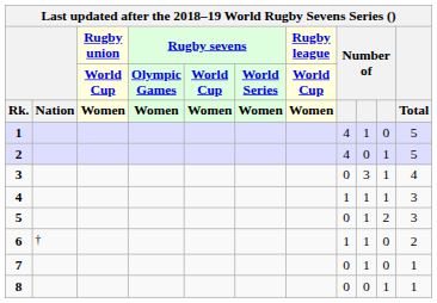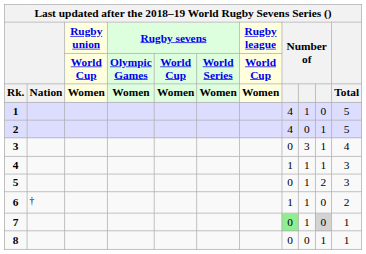 <table class="wikitable" style="margin-top: 0em; text-align: center; font-size: 100%;">
 <tr>
 <th colspan="11">Last updated after the 2018–19 World Rugby Sevens Series ()</th>
 </tr>
 <tr>
 <th rowspan="2" colspan="2"></th>
 <th style="background: #ffd;"><a href='#'>Rugby union</a></th>
 <th colspan="3" style="background: #dfd;"><a href='#'>Rugby sevens</a></th>
 <th style="background: #ffd;"><a href='#'>Rugby league</a></th>
 <th rowspan="2" colspan="3">Number of</th>
 <th rowspan="2"></th>
 </tr>
 <tr>
 <th style="background: #ffd;"><a href='#'>World Cup</a></th>
 <th style="background: #dfd;"><a href='#'>Olympic Games</a></th>
 <th style="background: #dfd;"><a href='#'>World Cup</a></th>
 <th style="background: #dfd;"><a href='#'>World Series</a></th>
 <th style="background: #ffd;"><a href='#'>World Cup</a></th>
 </tr>
 <tr>
 <th style="width: 1em;">Rk.</th>
 <th>Nation</th>
 <th style="background: #ffd; width: 1em;">Women</th>
 <th style="background: #dfd; width: 1em;">Women</th>
 <th style="background: #dfd; width: 1em;">Women</th>
 <th style="background: #dfd; width: 1em;">Women</th>
 <th style="background: #ffd; width: 1em;">Women</th>
 <th style="width: 1em;"></th>
 <th style="width: 1em;"></th>
 <th style="width: 1em;"></th>
 <th style="width: 1em;">Total</th>
 </tr>
 <tr style="background: #ddf;">
 <td><strong>1</strong></td>
 <td style="text-align: left;"></td>
 <td></td>
 <td></td>
 <td></td>
 <td></td>
 <td></td>
 <td>4</td>
 <td>1</td>
 <td>0</td>
 <td>5</td>
 </tr>
 <tr style="background: #ddf;">
 <td><strong>2</strong></td>
 <td style="text-align: left;"></td>
 <td></td>
 <td></td>
 <td></td>
 <td></td>
 <td></td>
 <td>4</td>
 <td>0</td>
 <td>1</td>
 <td>5</td>
 </tr>
 <tr>
 <td><strong>3</strong></td>
 <td style="text-align: left;"></td>
 <td></td>
 <td></td>
 <td></td>
 <td></td>
 <td></td>
 <td>0</td>
 <td>3</td>
 <td>1</td>
 <td>4</td>
 </tr>
 <tr>
 <td><strong>4</strong></td>
 <td style="text-align: left;"></td>
 <td></td>
 <td></td>
 <td></td>
 <td></td>
 <td></td>
 <td>1</td>
 <td>1</td>
 <td>1</td>
 <td>3</td>
 </tr>
 <tr>
 <td><strong>5</strong></td>
 <td style="text-align: left;"></td>
 <td></td>
 <td></td>
 <td></td>
 <td></td>
 <td></td>
 <td>0</td>
 <td>1</td>
 <td>2</td>
 <td>3</td>
 </tr>
 <tr>
 <td><strong>6</strong></td>
 <td style="text-align: left;"><sup>†</sup></td>
 <td></td>
 <td></td>
 <td></td>
 <td></td>
 <td></td>
 <td>1</td>
 <td>1</td>
 <td>0</td>
 <td>2</td>
 </tr>
 <tr>
 <td><strong>7</strong></td>
 <td style="text-align: left;"></td>
 <td></td>
 <td></td>
 <td></td>
 <td></td>
 <td></td>
-<td>0</td>
+<td style="background: lightgreen;">0</td>
 <td>1</td>
-<td>0</td>
+<td style="background: lightgrey;">0</td>
 <td>1</td>
 </tr>
 <tr>
 <td><strong>8</strong></td>
 <td style="text-align: left;"></td>
 <td></td>
 <td></td>
 <td></td>
 <td></td>
 <td></td>
 <td>0</td>
 <td>0</td>
 <td>1</td>
 <td>1</td>
 </tr>
 </table>
